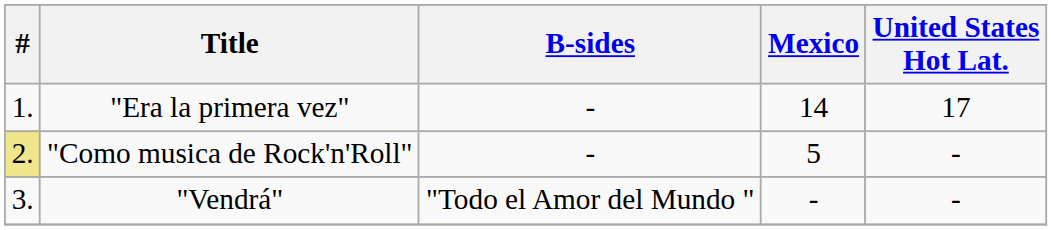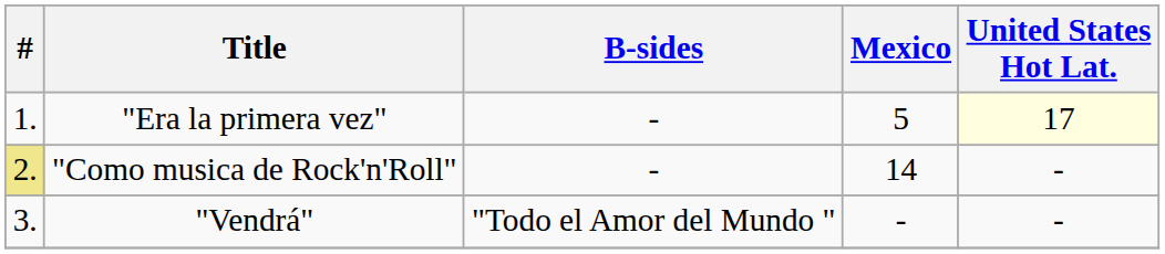 <table class="wikitable">
 <tr>
 <th>#</th>
 <th>Title</th>
 <th><a href='#'>B-sides</a></th>
 <th><a href='#'>Mexico</a></th>
 <th><a href='#'>United States</a><br><a href='#'>Hot Lat.</a></th>
 </tr>
 <tr>
 <td>1.</td>
 <td align="center">"Era la primera vez"</td>
 <td align="center">-</td>
-<td align="center">14</td>
-<td align="center">17 </td>
+<td align="center">5</td>
+<td align="center" style="background: lightyellow;">17 </td>
 </tr>
 <tr>
 <td style="background: khaki;">2.</td>
 <td align="center">"Como musica de Rock'n'Roll"</td>
 <td align="center">-</td>
-<td align="center">5</td>
+<td align="center">14</td>
 <td align="center">-</td>
 </tr>
 <tr>
 <td>3.</td>
 <td align="center">"Vendrá"</td>
 <td align="center">"Todo el Amor del Mundo "</td>
 <td align="center">-</td>
 <td align="center">-</td>
 </tr>
 <tr>
 </tr>
 </table>
